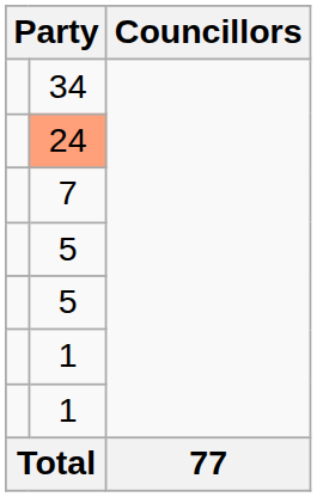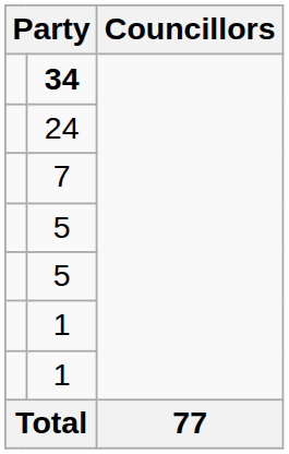 <table class="wikitable">
 <tr>
 <th colspan=2>Party</th>
 <th>Councillors</th>
 </tr>
 <tr>
 <td></td>
-<td align=center>34</td>
+<td align=center><strong>34</strong></td>
 </tr>
 <tr>
 <td></td>
-<td align=center style="background: lightsalmon;">24</td>
+<td align=center>24</td>
 </tr>
 <tr>
 <td></td>
 <td align=center>7</td>
 </tr>
 <tr>
 <td></td>
 <td align=center>5</td>
 </tr>
 <tr>
 <td></td>
 <td align=center>5</td>
 </tr>
 <tr>
 <td></td>
 <td align=center>1</td>
 </tr>
 <tr>
 <td></td>
 <td align=center>1</td>
 </tr>
 <tr>
 <th colspan=2>Total</th>
 <th align=center>77</th>
 </tr>
 </table>
